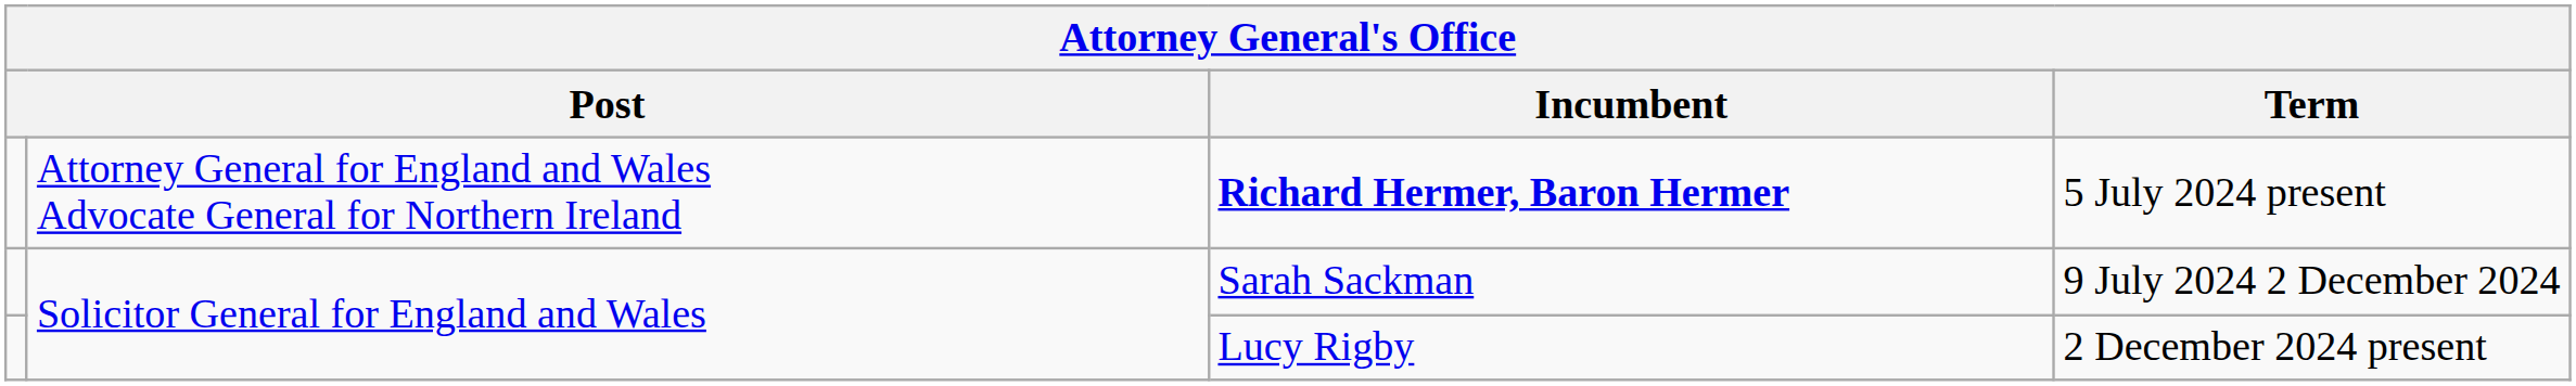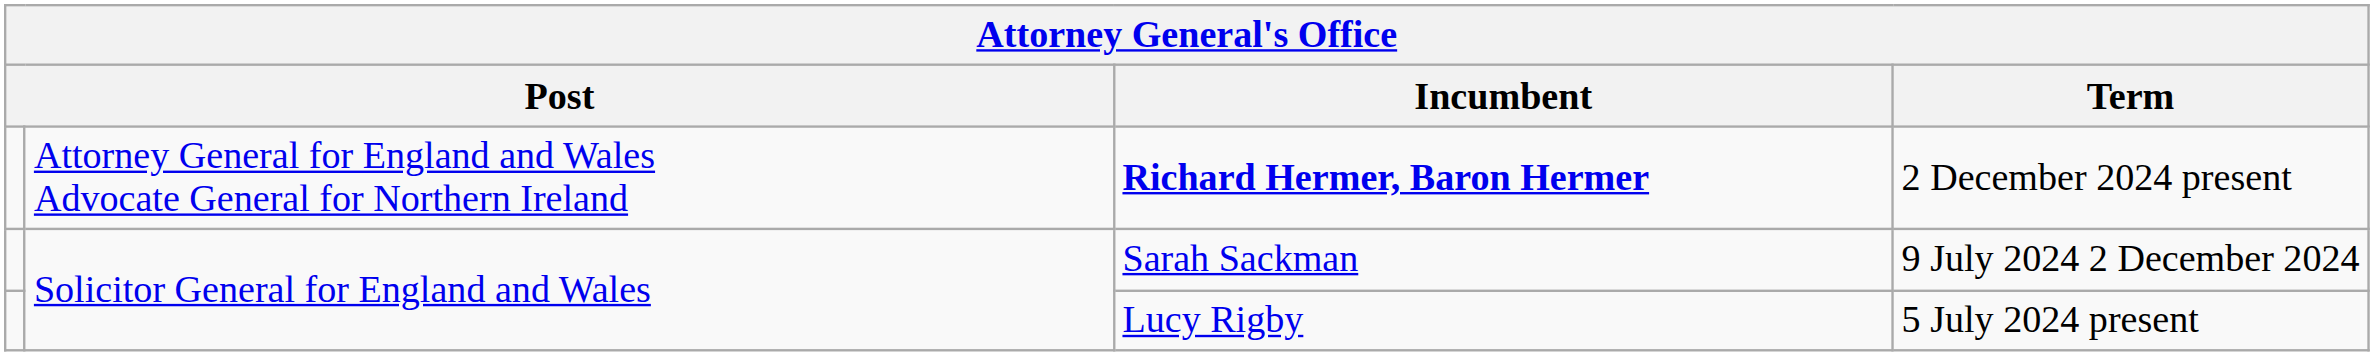 <table class="wikitable">
 <tr>
 <th colspan="4"><a href='#'>Attorney General's Office</a></th>
 </tr>
 <tr>
 <th colspan="2">Post</th>
 <th>Incumbent</th>
 <th>Term</th>
 </tr>
 <tr>
 <td style="width: 1px; background: "></td>
 <td style="width: 450px;"><a href='#'>Attorney General for England and Wales</a><br><a href='#'>Advocate General for Northern Ireland</a></td>
 <td style="width: 320px;"><strong><a href='#'>Richard Hermer, Baron Hermer</a></strong></td>
-<td>5 July 2024 present</td>
+<td>2 December 2024 present</td>
 </tr>
 <tr>
 <td style="width: 1px; background: "></td>
 <td rowspan="2" style="width: 450px;"><a href='#'>Solicitor General for England and Wales</a></td>
 <td style="width: 320px;"><a href='#'>Sarah Sackman</a></td>
 <td>9 July 2024 2 December 2024</td>
 </tr>
 <tr>
 <td rowspan="1" style="width: 1px; background: "></td>
 <td><a href='#'>Lucy Rigby</a></td>
-<td>2 December 2024 present</td>
+<td>5 July 2024 present</td>
 </tr>
 </table>
